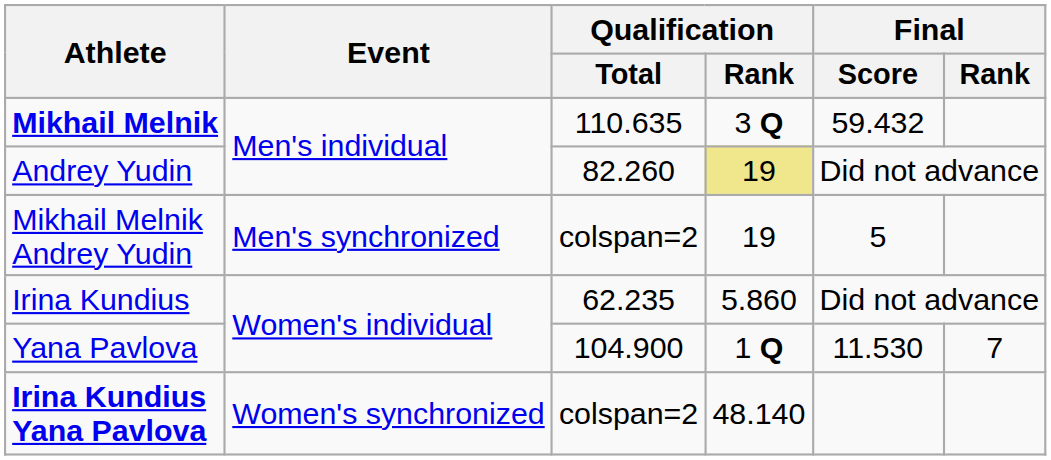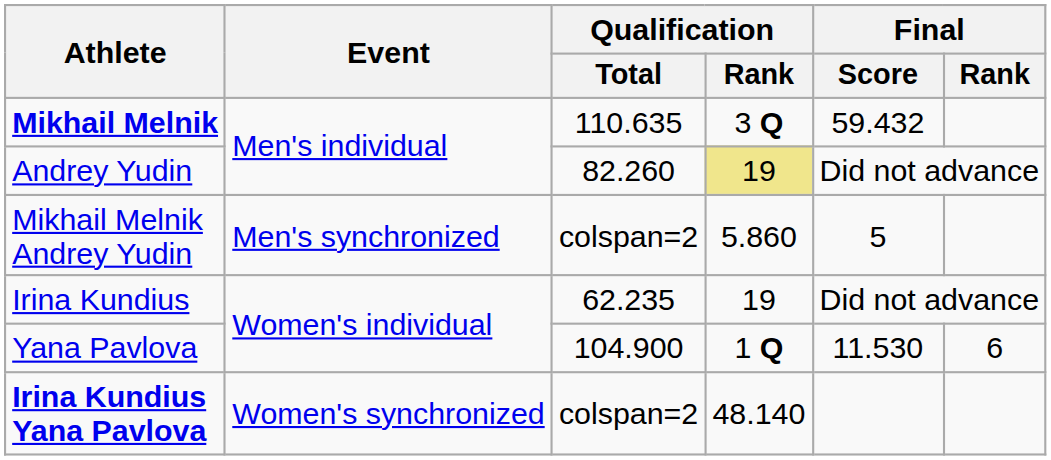 <table class="wikitable" style="text-align:center; font-size:90%">
 <tr>
 <th rowspan=2>Athlete</th>
 <th rowspan=2>Event</th>
 <th colspan=2>Qualification</th>
 <th colspan=2>Final</th>
 </tr>
 <tr style="font-size:95%">
 <th>Total</th>
 <th>Rank</th>
 <th>Score</th>
 <th>Rank</th>
 </tr>
 <tr>
 <td align=left><strong><a href='#'>Mikhail Melnik</a></strong></td>
 <td rowspan=2 align=left><a href='#'>Men's individual</a></td>
 <td>110.635</td>
 <td>3 <strong>Q</strong></td>
 <td>59.432</td>
 <td></td>
 </tr>
 <tr>
 <td align=left><a href='#'>Andrey Yudin</a></td>
 <td>82.260</td>
 <td style="background: khaki;">19</td>
 <td colspan=2>Did not advance</td>
 </tr>
 <tr>
 <td align=left><a href='#'>Mikhail Melnik</a><br><a href='#'>Andrey Yudin</a></td>
 <td align=left><a href='#'>Men's synchronized</a></td>
 <td>colspan=2 </td>
-<td>19</td>
+<td>5.860</td>
 <td>5</td>
 </tr>
 <tr>
 <td align=left><a href='#'>Irina Kundius</a></td>
 <td rowspan=2 align=left><a href='#'>Women's individual</a></td>
 <td>62.235</td>
-<td>5.860</td>
+<td>19</td>
 <td colspan=2>Did not advance</td>
 </tr>
 <tr>
 <td align=left><a href='#'>Yana Pavlova</a></td>
 <td>104.900</td>
 <td>1 <strong>Q</strong></td>
 <td>11.530</td>
-<td>7</td>
+<td>6</td>
 </tr>
 <tr>
 <td align=left><strong><a href='#'>Irina Kundius</a><br><a href='#'>Yana Pavlova</a></strong></td>
 <td align=left><a href='#'>Women's synchronized</a></td>
 <td>colspan=2 </td>
 <td>48.140</td>
 <td></td>
 </tr>
 </table>
